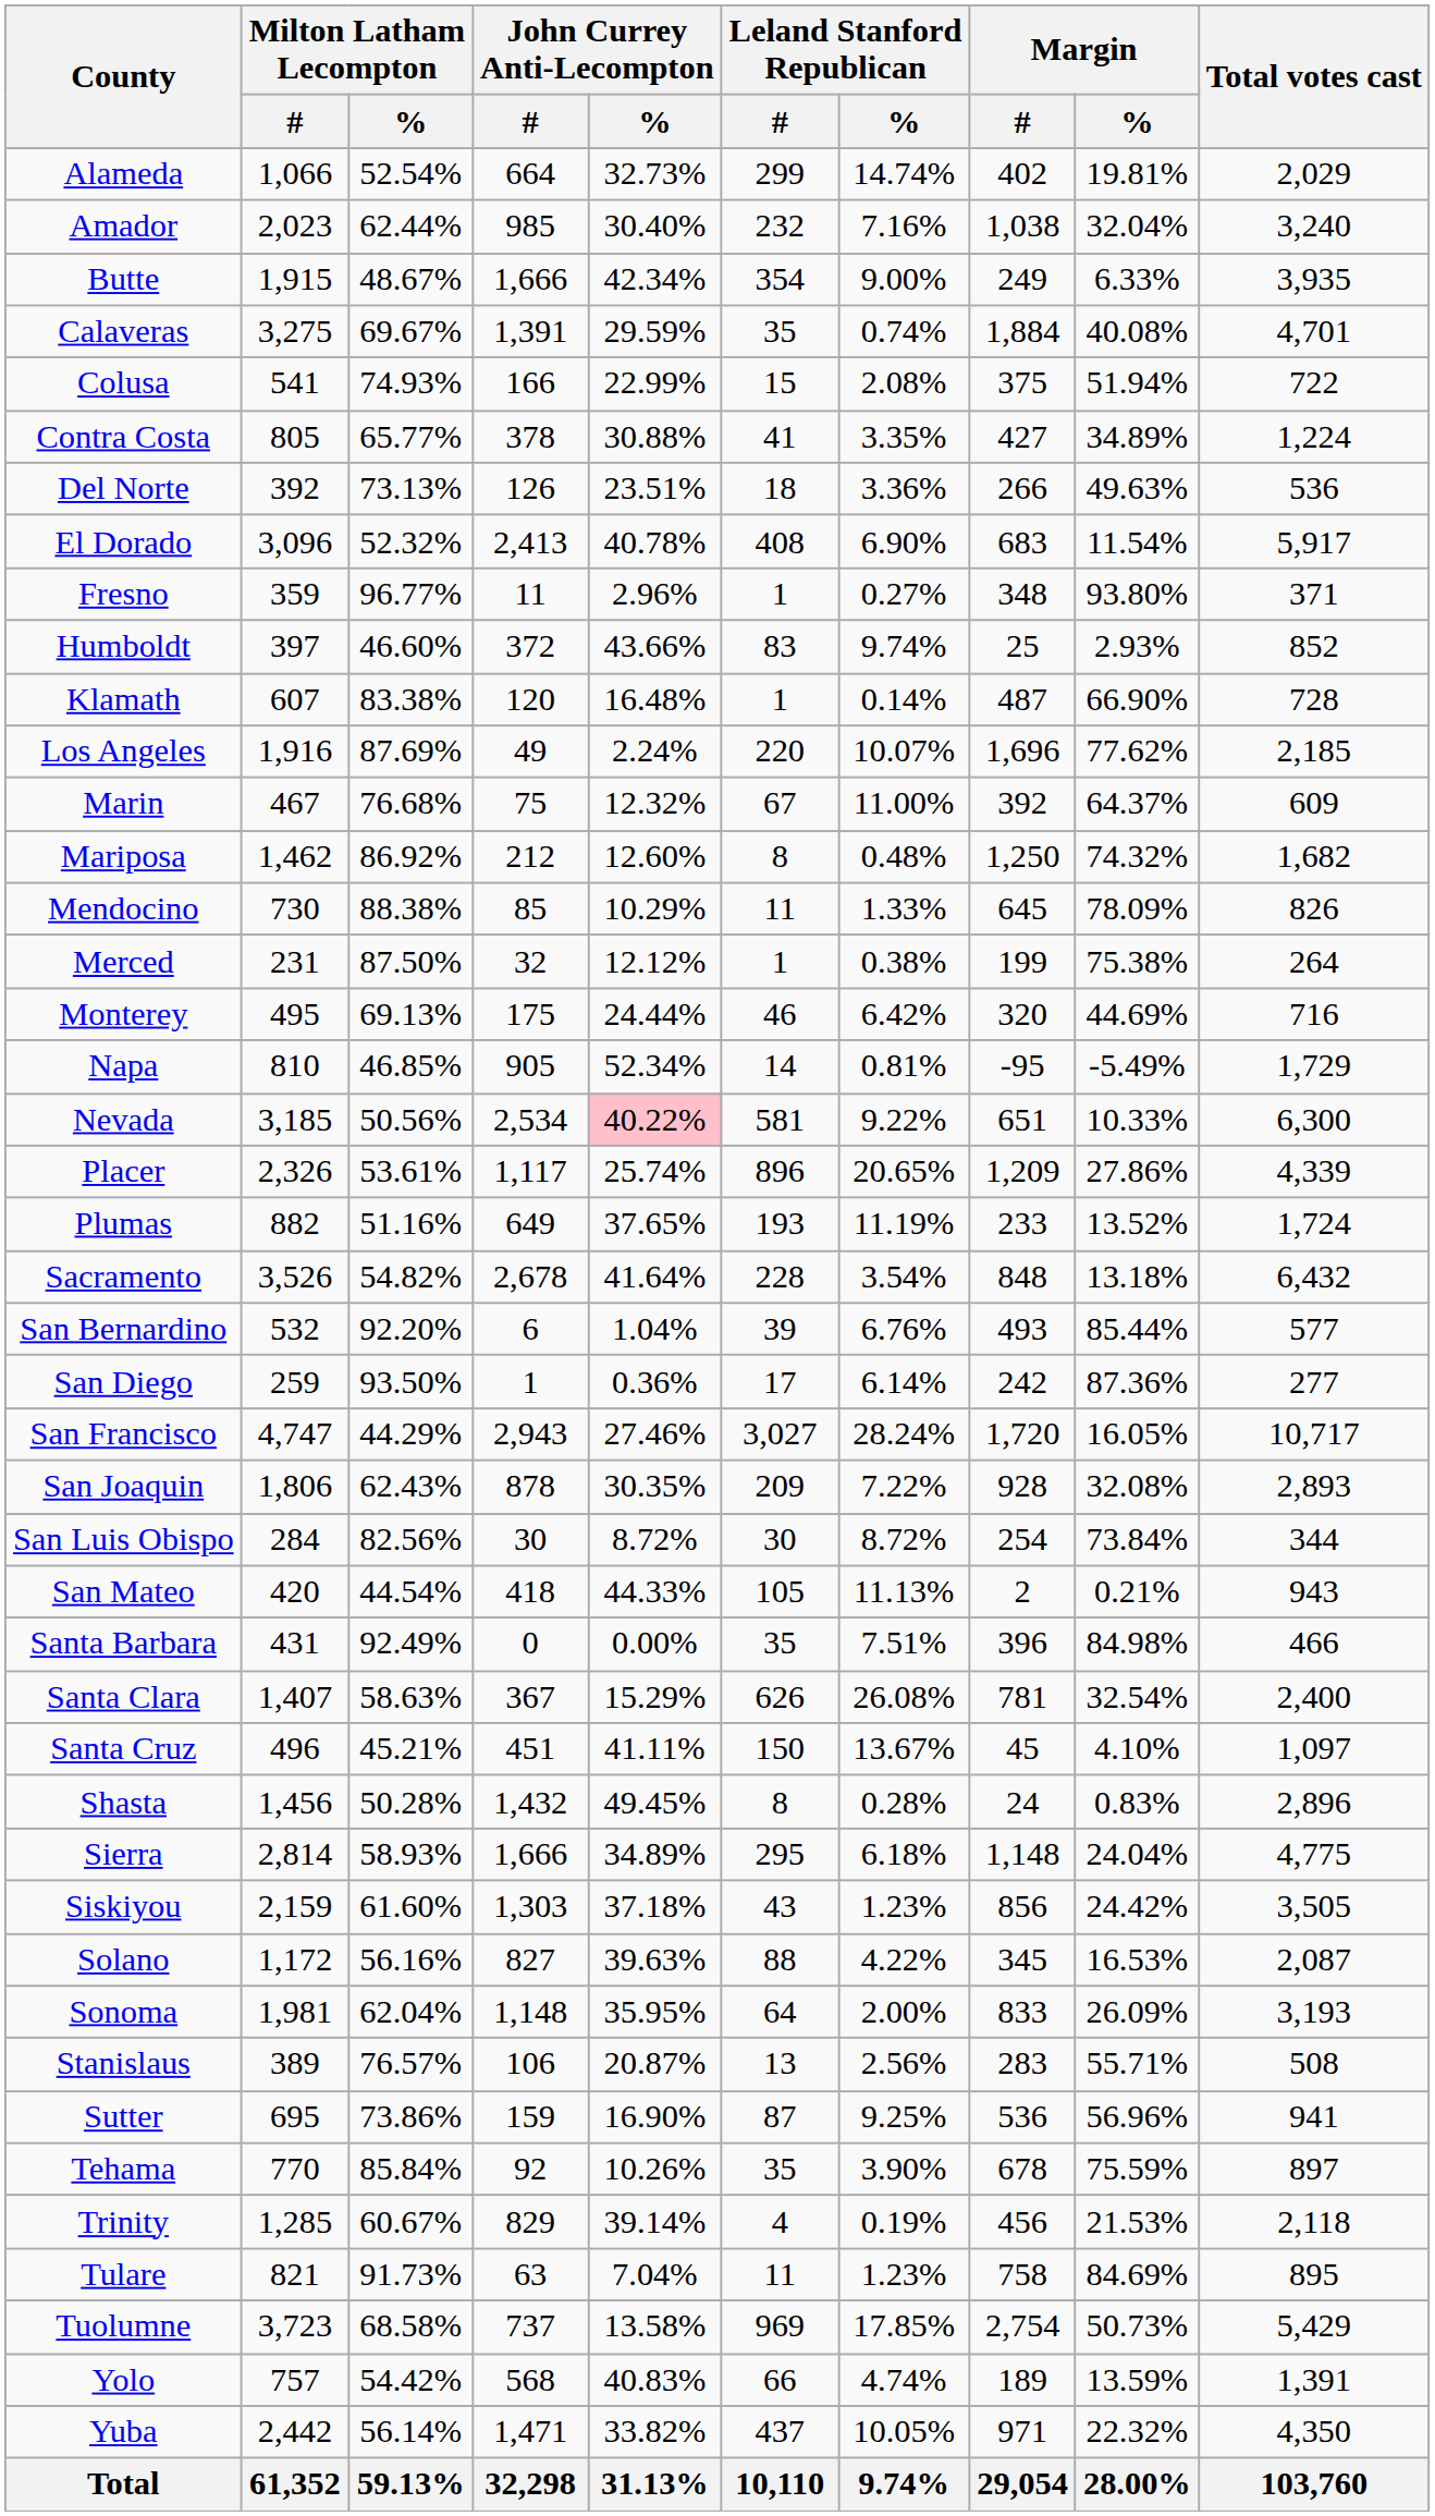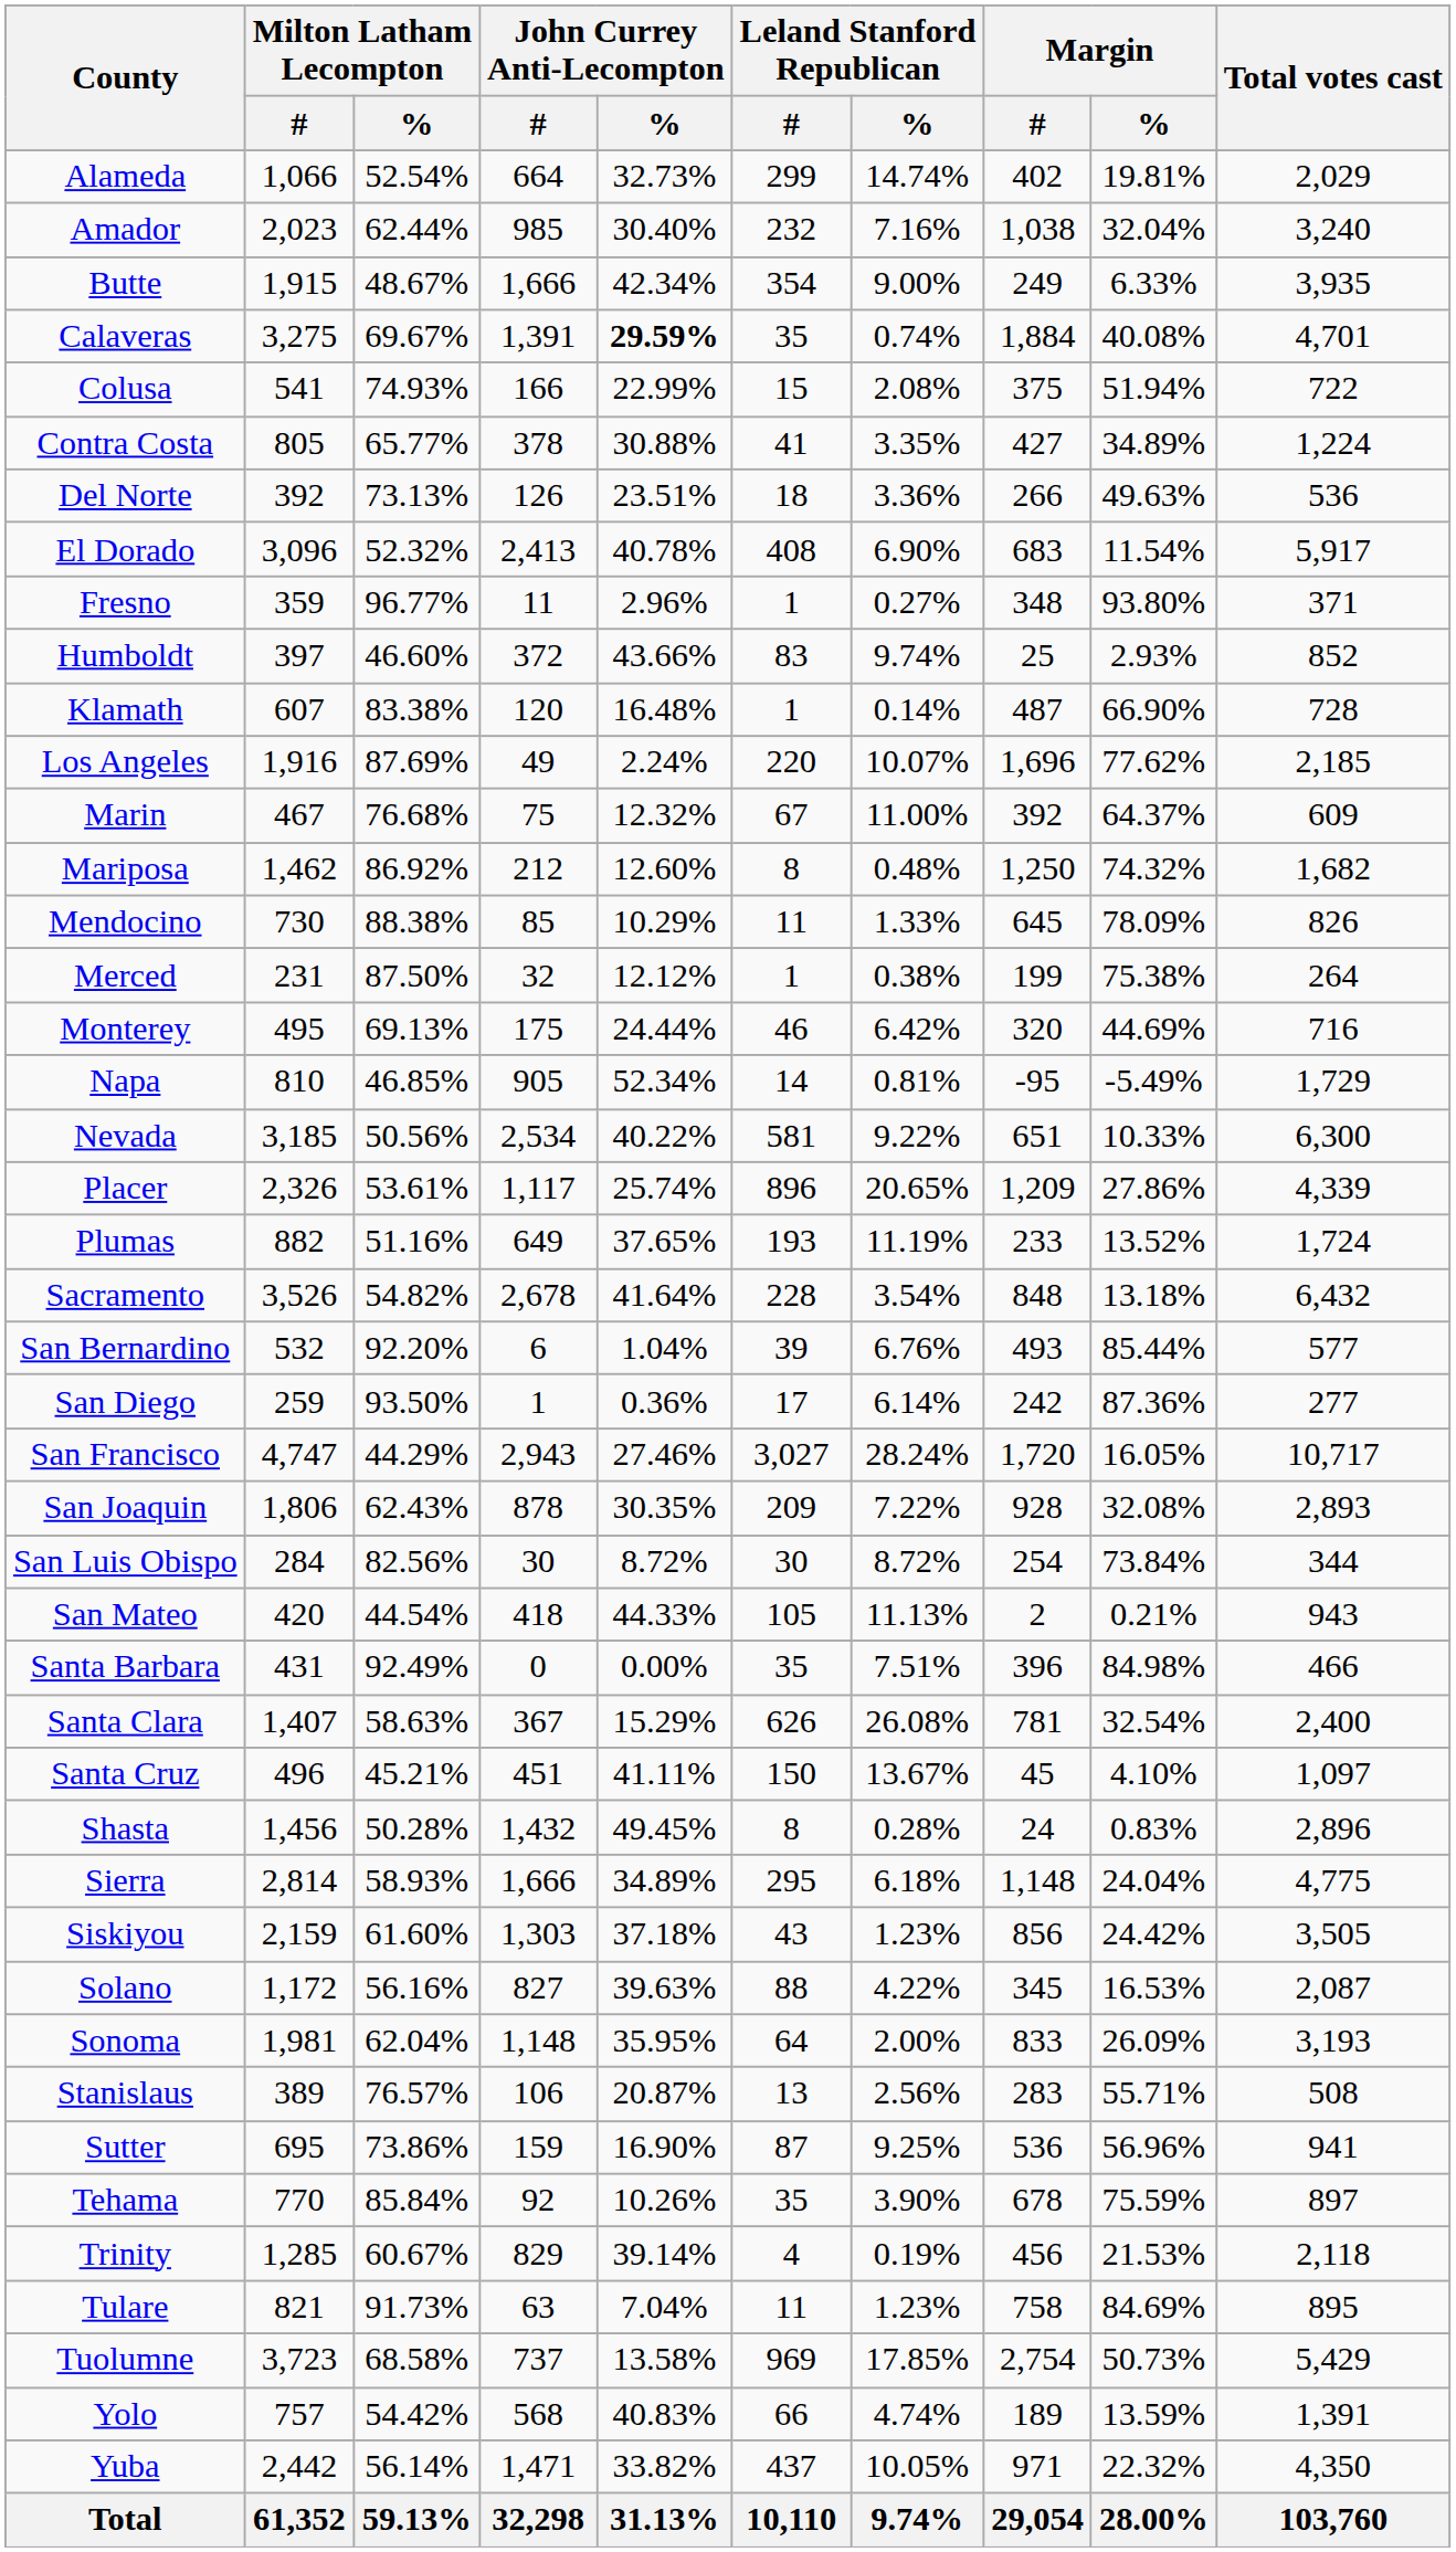 <table class="wikitable sortable" style="text-align:center">
 <tr>
 <th rowspan="2">County</th>
 <th style="text-align:center;" colspan="2">Milton Latham<br>Lecompton</th>
 <th style="text-align:center;" colspan="2">John Currey<br>Anti-Lecompton</th>
 <th style="text-align:center;" colspan="2">Leland Stanford<br>Republican</th>
 <th style="text-align:center;" colspan="2">Margin</th>
 <th style="text-align:center;" rowspan="2">Total votes cast</th>
 </tr>
 <tr>
 <th style="text-align:center;" data-sort-type="number">#</th>
 <th style="text-align:center;" data-sort-type="number">%</th>
 <th style="text-align:center;" data-sort-type="number">#</th>
 <th style="text-align:center;" data-sort-type="number">%</th>
 <th style="text-align:center;" data-sort-type="number">#</th>
 <th style="text-align:center;" data-sort-type="number">%</th>
 <th style="text-align:center;" data-sort-type="number">#</th>
 <th style="text-align:center;" data-sort-type="number">%</th>
 </tr>
 <tr style="text-align:center;">
 <td><a href='#'>Alameda</a></td>
 <td>1,066</td>
 <td>52.54%</td>
 <td>664</td>
 <td>32.73%</td>
 <td>299</td>
 <td>14.74%</td>
 <td>402</td>
 <td>19.81%</td>
 <td>2,029</td>
 </tr>
 <tr style="text-align:center;">
 <td><a href='#'>Amador</a></td>
 <td>2,023</td>
 <td>62.44%</td>
 <td>985</td>
 <td>30.40%</td>
 <td>232</td>
 <td>7.16%</td>
 <td>1,038</td>
 <td>32.04%</td>
 <td>3,240</td>
 </tr>
 <tr style="text-align:center;">
 <td><a href='#'>Butte</a></td>
 <td>1,915</td>
 <td>48.67%</td>
 <td>1,666</td>
 <td>42.34%</td>
 <td>354</td>
 <td>9.00%</td>
 <td>249</td>
 <td>6.33%</td>
 <td>3,935</td>
 </tr>
 <tr style="text-align:center;">
 <td><a href='#'>Calaveras</a></td>
 <td>3,275</td>
 <td>69.67%</td>
 <td>1,391</td>
-<td>29.59%</td>
+<td><strong>29.59%</strong></td>
 <td>35</td>
 <td>0.74%</td>
 <td>1,884</td>
 <td>40.08%</td>
 <td>4,701</td>
 </tr>
 <tr style="text-align:center;">
 <td><a href='#'>Colusa</a></td>
 <td>541</td>
 <td>74.93%</td>
 <td>166</td>
 <td>22.99%</td>
 <td>15</td>
 <td>2.08%</td>
 <td>375</td>
 <td>51.94%</td>
 <td>722</td>
 </tr>
 <tr style="text-align:center;">
 <td><a href='#'>Contra Costa</a></td>
 <td>805</td>
 <td>65.77%</td>
 <td>378</td>
 <td>30.88%</td>
 <td>41</td>
 <td>3.35%</td>
 <td>427</td>
 <td>34.89%</td>
 <td>1,224</td>
 </tr>
 <tr style="text-align:center;">
 <td><a href='#'>Del Norte</a></td>
 <td>392</td>
 <td>73.13%</td>
 <td>126</td>
 <td>23.51%</td>
 <td>18</td>
 <td>3.36%</td>
 <td>266</td>
 <td>49.63%</td>
 <td>536</td>
 </tr>
 <tr style="text-align:center;">
 <td><a href='#'>El Dorado</a></td>
 <td>3,096</td>
 <td>52.32%</td>
 <td>2,413</td>
 <td>40.78%</td>
 <td>408</td>
 <td>6.90%</td>
 <td>683</td>
 <td>11.54%</td>
 <td>5,917</td>
 </tr>
 <tr style="text-align:center;">
 <td><a href='#'>Fresno</a></td>
 <td>359</td>
 <td>96.77%</td>
 <td>11</td>
 <td>2.96%</td>
 <td>1</td>
 <td>0.27%</td>
 <td>348</td>
 <td>93.80%</td>
 <td>371</td>
 </tr>
 <tr style="text-align:center;">
 <td><a href='#'>Humboldt</a></td>
 <td>397</td>
 <td>46.60%</td>
 <td>372</td>
 <td>43.66%</td>
 <td>83</td>
 <td>9.74%</td>
 <td>25</td>
 <td>2.93%</td>
 <td>852</td>
 </tr>
 <tr style="text-align:center;">
 <td><a href='#'>Klamath</a></td>
 <td>607</td>
 <td>83.38%</td>
 <td>120</td>
 <td>16.48%</td>
 <td>1</td>
 <td>0.14%</td>
 <td>487</td>
 <td>66.90%</td>
 <td>728</td>
 </tr>
 <tr style="text-align:center;">
 <td><a href='#'>Los Angeles</a></td>
 <td>1,916</td>
 <td>87.69%</td>
 <td>49</td>
 <td>2.24%</td>
 <td>220</td>
 <td>10.07%</td>
 <td>1,696</td>
 <td>77.62%</td>
 <td>2,185</td>
 </tr>
 <tr style="text-align:center;">
 <td><a href='#'>Marin</a></td>
 <td>467</td>
 <td>76.68%</td>
 <td>75</td>
 <td>12.32%</td>
 <td>67</td>
 <td>11.00%</td>
 <td>392</td>
 <td>64.37%</td>
 <td>609</td>
 </tr>
 <tr style="text-align:center;">
 <td><a href='#'>Mariposa</a></td>
 <td>1,462</td>
 <td>86.92%</td>
 <td>212</td>
 <td>12.60%</td>
 <td>8</td>
 <td>0.48%</td>
 <td>1,250</td>
 <td>74.32%</td>
 <td>1,682</td>
 </tr>
 <tr style="text-align:center;">
 <td><a href='#'>Mendocino</a></td>
 <td>730</td>
 <td>88.38%</td>
 <td>85</td>
 <td>10.29%</td>
 <td>11</td>
 <td>1.33%</td>
 <td>645</td>
 <td>78.09%</td>
 <td>826</td>
 </tr>
 <tr style="text-align:center;">
 <td><a href='#'>Merced</a></td>
 <td>231</td>
 <td>87.50%</td>
 <td>32</td>
 <td>12.12%</td>
 <td>1</td>
 <td>0.38%</td>
 <td>199</td>
 <td>75.38%</td>
 <td>264</td>
 </tr>
 <tr style="text-align:center;">
 <td><a href='#'>Monterey</a></td>
 <td>495</td>
 <td>69.13%</td>
 <td>175</td>
 <td>24.44%</td>
 <td>46</td>
 <td>6.42%</td>
 <td>320</td>
 <td>44.69%</td>
 <td>716</td>
 </tr>
 <tr style="text-align:center;">
 <td><a href='#'>Napa</a></td>
 <td>810</td>
 <td>46.85%</td>
 <td>905</td>
 <td>52.34%</td>
 <td>14</td>
 <td>0.81%</td>
 <td>-95</td>
 <td>-5.49%</td>
 <td>1,729</td>
 </tr>
 <tr style="text-align:center;">
 <td><a href='#'>Nevada</a></td>
 <td>3,185</td>
 <td>50.56%</td>
 <td>2,534</td>
-<td style="background: pink;">40.22%</td>
+<td>40.22%</td>
 <td>581</td>
 <td>9.22%</td>
 <td>651</td>
 <td>10.33%</td>
 <td>6,300</td>
 </tr>
 <tr style="text-align:center;">
 <td><a href='#'>Placer</a></td>
 <td>2,326</td>
 <td>53.61%</td>
 <td>1,117</td>
 <td>25.74%</td>
 <td>896</td>
 <td>20.65%</td>
 <td>1,209</td>
 <td>27.86%</td>
 <td>4,339</td>
 </tr>
 <tr style="text-align:center;">
 <td><a href='#'>Plumas</a></td>
 <td>882</td>
 <td>51.16%</td>
 <td>649</td>
 <td>37.65%</td>
 <td>193</td>
 <td>11.19%</td>
 <td>233</td>
 <td>13.52%</td>
 <td>1,724</td>
 </tr>
 <tr style="text-align:center;">
 <td><a href='#'>Sacramento</a></td>
 <td>3,526</td>
 <td>54.82%</td>
 <td>2,678</td>
 <td>41.64%</td>
 <td>228</td>
 <td>3.54%</td>
 <td>848</td>
 <td>13.18%</td>
 <td>6,432</td>
 </tr>
 <tr style="text-align:center;">
 <td><a href='#'>San Bernardino</a></td>
 <td>532</td>
 <td>92.20%</td>
 <td>6</td>
 <td>1.04%</td>
 <td>39</td>
 <td>6.76%</td>
 <td>493</td>
 <td>85.44%</td>
 <td>577</td>
 </tr>
 <tr style="text-align:center;">
 <td><a href='#'>San Diego</a></td>
 <td>259</td>
 <td>93.50%</td>
 <td>1</td>
 <td>0.36%</td>
 <td>17</td>
 <td>6.14%</td>
 <td>242</td>
 <td>87.36%</td>
 <td>277</td>
 </tr>
 <tr style="text-align:center;">
 <td><a href='#'>San Francisco</a></td>
 <td>4,747</td>
 <td>44.29%</td>
 <td>2,943</td>
 <td>27.46%</td>
 <td>3,027</td>
 <td>28.24%</td>
 <td>1,720</td>
 <td>16.05%</td>
 <td>10,717</td>
 </tr>
 <tr style="text-align:center;">
 <td><a href='#'>San Joaquin</a></td>
 <td>1,806</td>
 <td>62.43%</td>
 <td>878</td>
 <td>30.35%</td>
 <td>209</td>
 <td>7.22%</td>
 <td>928</td>
 <td>32.08%</td>
 <td>2,893</td>
 </tr>
 <tr style="text-align:center;">
 <td><a href='#'>San Luis Obispo</a></td>
 <td>284</td>
 <td>82.56%</td>
 <td>30</td>
 <td>8.72%</td>
 <td>30</td>
 <td>8.72%</td>
 <td>254</td>
 <td>73.84%</td>
 <td>344</td>
 </tr>
 <tr style="text-align:center;">
 <td><a href='#'>San Mateo</a></td>
 <td>420</td>
 <td>44.54%</td>
 <td>418</td>
 <td>44.33%</td>
 <td>105</td>
 <td>11.13%</td>
 <td>2</td>
 <td>0.21%</td>
 <td>943</td>
 </tr>
 <tr style="text-align:center;">
 <td><a href='#'>Santa Barbara</a></td>
 <td>431</td>
 <td>92.49%</td>
 <td>0</td>
 <td>0.00%</td>
 <td>35</td>
 <td>7.51%</td>
 <td>396</td>
 <td>84.98%</td>
 <td>466</td>
 </tr>
 <tr style="text-align:center;">
 <td><a href='#'>Santa Clara</a></td>
 <td>1,407</td>
 <td>58.63%</td>
 <td>367</td>
 <td>15.29%</td>
 <td>626</td>
 <td>26.08%</td>
 <td>781</td>
 <td>32.54%</td>
 <td>2,400</td>
 </tr>
 <tr style="text-align:center;">
 <td><a href='#'>Santa Cruz</a></td>
 <td>496</td>
 <td>45.21%</td>
 <td>451</td>
 <td>41.11%</td>
 <td>150</td>
 <td>13.67%</td>
 <td>45</td>
 <td>4.10%</td>
 <td>1,097</td>
 </tr>
 <tr style="text-align:center;">
 <td><a href='#'>Shasta</a></td>
 <td>1,456</td>
 <td>50.28%</td>
 <td>1,432</td>
 <td>49.45%</td>
 <td>8</td>
 <td>0.28%</td>
 <td>24</td>
 <td>0.83%</td>
 <td>2,896</td>
 </tr>
 <tr style="text-align:center;">
 <td><a href='#'>Sierra</a></td>
 <td>2,814</td>
 <td>58.93%</td>
 <td>1,666</td>
 <td>34.89%</td>
 <td>295</td>
 <td>6.18%</td>
 <td>1,148</td>
 <td>24.04%</td>
 <td>4,775</td>
 </tr>
 <tr style="text-align:center;">
 <td><a href='#'>Siskiyou</a></td>
 <td>2,159</td>
 <td>61.60%</td>
 <td>1,303</td>
 <td>37.18%</td>
 <td>43</td>
 <td>1.23%</td>
 <td>856</td>
 <td>24.42%</td>
 <td>3,505</td>
 </tr>
 <tr style="text-align:center;">
 <td><a href='#'>Solano</a></td>
 <td>1,172</td>
 <td>56.16%</td>
 <td>827</td>
 <td>39.63%</td>
 <td>88</td>
 <td>4.22%</td>
 <td>345</td>
 <td>16.53%</td>
 <td>2,087</td>
 </tr>
 <tr style="text-align:center;">
 <td><a href='#'>Sonoma</a></td>
 <td>1,981</td>
 <td>62.04%</td>
 <td>1,148</td>
 <td>35.95%</td>
 <td>64</td>
 <td>2.00%</td>
 <td>833</td>
 <td>26.09%</td>
 <td>3,193</td>
 </tr>
 <tr style="text-align:center;">
 <td><a href='#'>Stanislaus</a></td>
 <td>389</td>
 <td>76.57%</td>
 <td>106</td>
 <td>20.87%</td>
 <td>13</td>
 <td>2.56%</td>
 <td>283</td>
 <td>55.71%</td>
 <td>508</td>
 </tr>
 <tr style="text-align:center;">
 <td><a href='#'>Sutter</a></td>
 <td>695</td>
 <td>73.86%</td>
 <td>159</td>
 <td>16.90%</td>
 <td>87</td>
 <td>9.25%</td>
 <td>536</td>
 <td>56.96%</td>
 <td>941</td>
 </tr>
 <tr style="text-align:center;">
 <td><a href='#'>Tehama</a></td>
 <td>770</td>
 <td>85.84%</td>
 <td>92</td>
 <td>10.26%</td>
 <td>35</td>
 <td>3.90%</td>
 <td>678</td>
 <td>75.59%</td>
 <td>897</td>
 </tr>
 <tr style="text-align:center;">
 <td><a href='#'>Trinity</a></td>
 <td>1,285</td>
 <td>60.67%</td>
 <td>829</td>
 <td>39.14%</td>
 <td>4</td>
 <td>0.19%</td>
 <td>456</td>
 <td>21.53%</td>
 <td>2,118</td>
 </tr>
 <tr style="text-align:center;">
 <td><a href='#'>Tulare</a></td>
 <td>821</td>
 <td>91.73%</td>
 <td>63</td>
 <td>7.04%</td>
 <td>11</td>
 <td>1.23%</td>
 <td>758</td>
 <td>84.69%</td>
 <td>895</td>
 </tr>
 <tr style="text-align:center;">
 <td><a href='#'>Tuolumne</a></td>
 <td>3,723</td>
 <td>68.58%</td>
 <td>737</td>
 <td>13.58%</td>
 <td>969</td>
 <td>17.85%</td>
 <td>2,754</td>
 <td>50.73%</td>
 <td>5,429</td>
 </tr>
 <tr style="text-align:center;">
 <td><a href='#'>Yolo</a></td>
 <td>757</td>
 <td>54.42%</td>
 <td>568</td>
 <td>40.83%</td>
 <td>66</td>
 <td>4.74%</td>
 <td>189</td>
 <td>13.59%</td>
 <td>1,391</td>
 </tr>
 <tr style="text-align:center;">
 <td><a href='#'>Yuba</a></td>
 <td>2,442</td>
 <td>56.14%</td>
 <td>1,471</td>
 <td>33.82%</td>
 <td>437</td>
 <td>10.05%</td>
 <td>971</td>
 <td>22.32%</td>
 <td>4,350</td>
 </tr>
 <tr style="text-align:center;">
 <th>Total</th>
 <th>61,352</th>
 <th>59.13%</th>
 <th>32,298</th>
 <th>31.13%</th>
 <th>10,110</th>
 <th>9.74%</th>
 <th>29,054</th>
 <th>28.00%</th>
 <th>103,760</th>
 </tr>
 </table>
